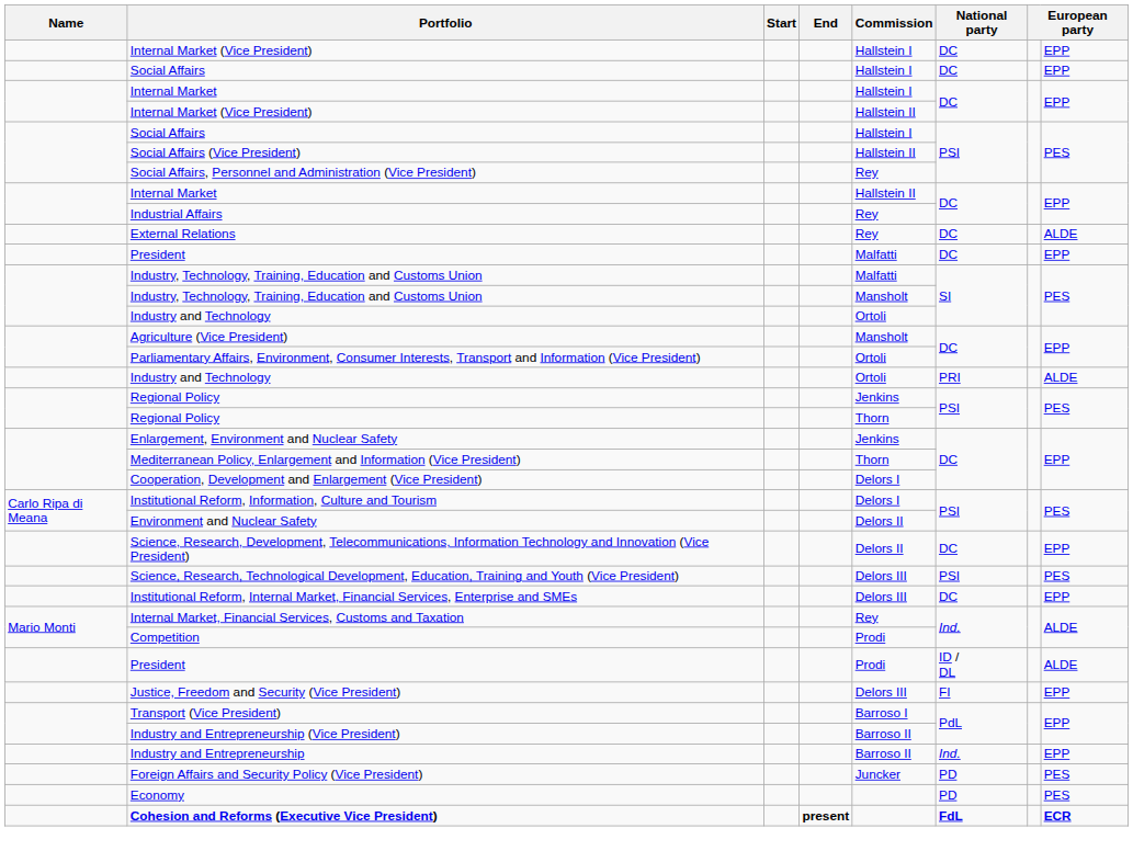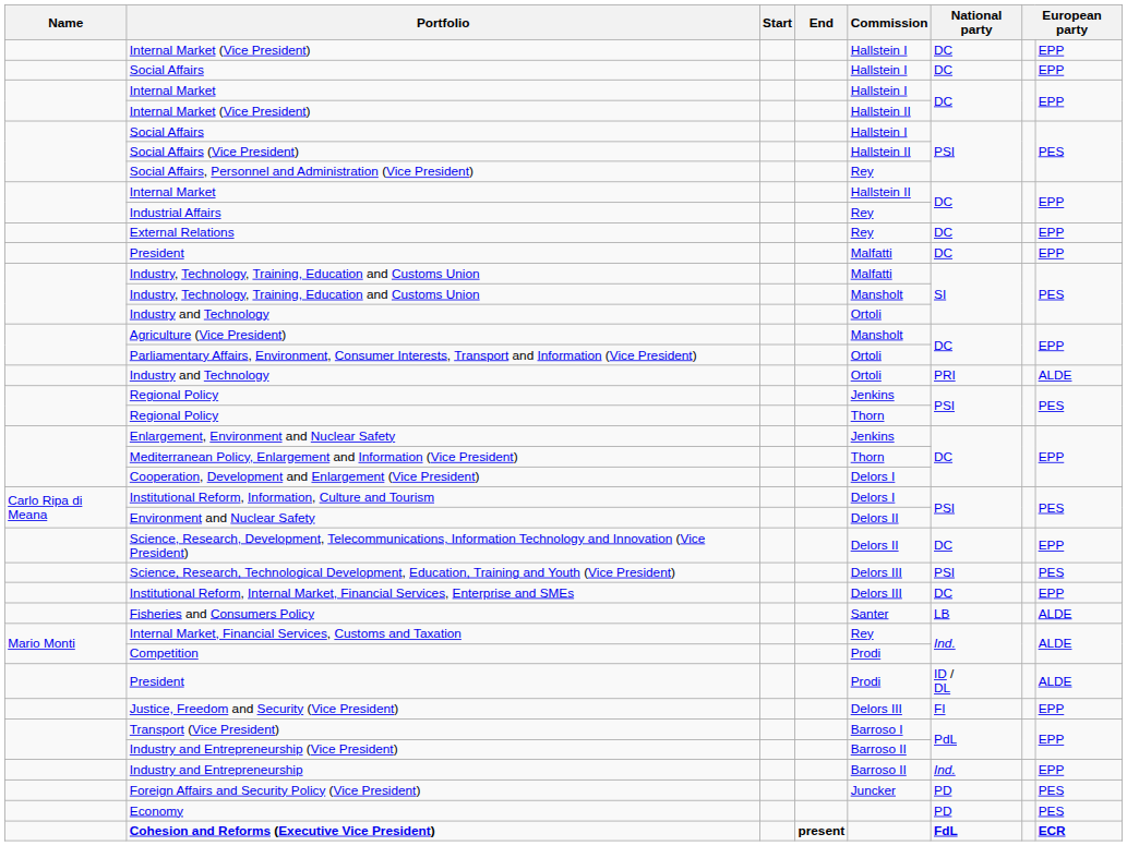 <table class="wikitable sortable" style="font-size: 90%;">
 <tr>
 <th>Name</th>
 <th>Portfolio</th>
 <th>Start</th>
 <th>End</th>
 <th>Commission</th>
 <th>National party</th>
 <th colspan=2>European party</th>
 </tr>
 <tr>
 <td></td>
 <td><a href='#'>Internal Market</a> (<a href='#'>Vice President</a>)</td>
 <td></td>
 <td></td>
 <td><a href='#'>Hallstein I</a></td>
 <td><a href='#'>DC</a></td>
 <td style="background:"></td>
 <td><a href='#'>EPP</a></td>
 </tr>
 <tr>
 <td></td>
 <td><a href='#'>Social Affairs</a></td>
 <td></td>
 <td></td>
 <td><a href='#'>Hallstein I</a></td>
 <td><a href='#'>DC</a></td>
 <td style="background:"></td>
 <td><a href='#'>EPP</a></td>
 </tr>
 <tr>
 <td rowspan=2></td>
 <td><a href='#'>Internal Market</a></td>
 <td></td>
 <td></td>
 <td><a href='#'>Hallstein I</a></td>
 <td rowspan=2><a href='#'>DC</a></td>
 <td rowspan=2 style="background:"></td>
 <td rowspan=2><a href='#'>EPP</a></td>
 </tr>
 <tr>
 <td><a href='#'>Internal Market</a> (<a href='#'>Vice President</a>)</td>
 <td></td>
 <td></td>
 <td><a href='#'>Hallstein II</a></td>
 </tr>
 <tr>
 <td rowspan=3></td>
 <td><a href='#'>Social Affairs</a></td>
 <td></td>
 <td></td>
 <td><a href='#'>Hallstein I</a></td>
 <td rowspan=3><a href='#'>PSI</a></td>
 <td rowspan=3 style="background:"></td>
 <td rowspan=3><a href='#'>PES</a></td>
 </tr>
 <tr>
 <td><a href='#'>Social Affairs</a> (<a href='#'>Vice President</a>)</td>
 <td></td>
 <td></td>
 <td><a href='#'>Hallstein II</a></td>
 </tr>
 <tr>
 <td><a href='#'>Social Affairs</a>, <a href='#'>Personnel and Administration</a> (<a href='#'>Vice President</a>)</td>
 <td></td>
 <td></td>
 <td><a href='#'>Rey</a></td>
 </tr>
 <tr>
 <td rowspan=2></td>
 <td><a href='#'>Internal Market</a></td>
 <td></td>
 <td></td>
 <td><a href='#'>Hallstein II</a></td>
 <td rowspan=2><a href='#'>DC</a></td>
 <td rowspan=2 style="background:"></td>
 <td rowspan=2><a href='#'>EPP</a></td>
 </tr>
 <tr>
 <td><a href='#'>Industrial Affairs</a></td>
 <td></td>
 <td></td>
 <td><a href='#'>Rey</a></td>
 </tr>
 <tr>
 <td></td>
 <td><a href='#'>External Relations</a></td>
 <td></td>
 <td></td>
 <td><a href='#'>Rey</a></td>
 <td><a href='#'>DC</a></td>
 <td style="background:"></td>
-<td><a href='#'>ALDE</a></td>
+<td><a href='#'>EPP</a></td>
 </tr>
 <tr>
 <td></td>
 <td><a href='#'>President</a></td>
 <td></td>
 <td></td>
 <td><a href='#'>Malfatti</a></td>
 <td><a href='#'>DC</a></td>
 <td style="background:"></td>
 <td><a href='#'>EPP</a></td>
 </tr>
 <tr>
 <td rowspan=3></td>
 <td><a href='#'>Industry</a>, <a href='#'>Technology</a>, <a href='#'>Training, Education</a> and <a href='#'>Customs Union</a></td>
 <td></td>
 <td></td>
 <td><a href='#'>Malfatti</a></td>
 <td rowspan=3><a href='#'>SI</a></td>
 <td rowspan=3 style="background:"></td>
 <td rowspan=3><a href='#'>PES</a></td>
 </tr>
 <tr>
 <td><a href='#'>Industry</a>, <a href='#'>Technology</a>, <a href='#'>Training, Education</a> and <a href='#'>Customs Union</a></td>
 <td></td>
 <td></td>
 <td><a href='#'>Mansholt</a></td>
 </tr>
 <tr>
 <td><a href='#'>Industry</a> and <a href='#'>Technology</a></td>
 <td></td>
 <td></td>
 <td><a href='#'>Ortoli</a></td>
 </tr>
 <tr>
 <td rowspan=2></td>
 <td><a href='#'>Agriculture</a> (<a href='#'>Vice President</a>)</td>
 <td></td>
 <td></td>
 <td><a href='#'>Mansholt</a></td>
 <td rowspan=2><a href='#'>DC</a></td>
 <td rowspan=2 style="background:"></td>
 <td rowspan=2><a href='#'>EPP</a></td>
 </tr>
 <tr>
 <td><a href='#'>Parliamentary Affairs</a>, <a href='#'>Environment</a>, <a href='#'>Consumer Interests</a>, <a href='#'>Transport</a> and <a href='#'>Information</a> (<a href='#'>Vice President</a>)</td>
 <td></td>
 <td></td>
 <td><a href='#'>Ortoli</a></td>
 </tr>
 <tr>
 <td></td>
 <td><a href='#'>Industry</a> and <a href='#'>Technology</a></td>
 <td></td>
 <td></td>
 <td><a href='#'>Ortoli</a></td>
 <td><a href='#'>PRI</a></td>
 <td style="background:"></td>
 <td><a href='#'>ALDE</a></td>
 </tr>
 <tr>
 <td rowspan=2></td>
 <td><a href='#'>Regional Policy</a></td>
 <td></td>
 <td></td>
 <td><a href='#'>Jenkins</a></td>
 <td rowspan=2><a href='#'>PSI</a></td>
 <td rowspan=2 style="background:"></td>
 <td rowspan=2><a href='#'>PES</a></td>
 </tr>
 <tr>
 <td><a href='#'>Regional Policy</a></td>
 <td></td>
 <td></td>
 <td><a href='#'>Thorn</a></td>
 </tr>
 <tr>
 <td rowspan=3></td>
 <td><a href='#'>Enlargement</a>, <a href='#'>Environment</a> and <a href='#'>Nuclear Safety</a></td>
 <td></td>
 <td></td>
 <td><a href='#'>Jenkins</a></td>
 <td rowspan=3><a href='#'>DC</a></td>
 <td rowspan=3 style="background:"></td>
 <td rowspan=3><a href='#'>EPP</a></td>
 </tr>
 <tr>
 <td><a href='#'>Mediterranean Policy, Enlargement</a> and <a href='#'>Information</a> (<a href='#'>Vice President</a>)</td>
 <td></td>
 <td></td>
 <td><a href='#'>Thorn</a></td>
 </tr>
 <tr>
 <td><a href='#'>Cooperation</a>, <a href='#'>Development</a> and <a href='#'>Enlargement</a> (<a href='#'>Vice President</a>)</td>
 <td></td>
 <td></td>
 <td><a href='#'>Delors I</a></td>
 </tr>
 <tr>
 <td rowspan=2><a href='#'>Carlo Ripa di Meana</a></td>
 <td><a href='#'>Institutional Reform</a>, <a href='#'>Information</a>, <a href='#'>Culture and Tourism</a></td>
 <td></td>
 <td></td>
 <td><a href='#'>Delors I</a></td>
 <td rowspan=2><a href='#'>PSI</a></td>
 <td rowspan=2 style="background:"></td>
 <td rowspan=2><a href='#'>PES</a></td>
 </tr>
 <tr>
 <td><a href='#'>Environment</a> and <a href='#'>Nuclear Safety</a></td>
 <td></td>
 <td></td>
 <td><a href='#'>Delors II</a></td>
 </tr>
 <tr>
 <td></td>
 <td><a href='#'>Science, Research, Development</a>, <a href='#'>Telecommunications, Information Technology and Innovation</a> (<a href='#'>Vice President</a>)</td>
 <td></td>
 <td></td>
 <td><a href='#'>Delors II</a></td>
 <td><a href='#'>DC</a></td>
 <td style="background:"></td>
 <td><a href='#'>EPP</a></td>
 </tr>
 <tr>
 <td></td>
 <td><a href='#'>Science, Research, Technological Development</a>, <a href='#'>Education, Training and Youth</a> (<a href='#'>Vice President</a>)</td>
 <td></td>
 <td></td>
 <td><a href='#'>Delors III</a></td>
 <td><a href='#'>PSI</a></td>
 <td style="background:"></td>
 <td><a href='#'>PES</a></td>
 </tr>
 <tr>
 <td></td>
 <td><a href='#'>Institutional Reform</a>, <a href='#'>Internal Market, Financial Services</a>, <a href='#'>Enterprise and SMEs</a></td>
 <td></td>
 <td></td>
 <td><a href='#'>Delors III</a></td>
 <td><a href='#'>DC</a></td>
 <td style="background:"></td>
 <td><a href='#'>EPP</a></td>
 </tr>
 <tr>
+<td></td>
+<td><a href='#'>Fisheries</a> and <a href='#'>Consumers Policy</a></td>
+<td></td>
+<td></td>
+<td><a href='#'>Santer</a></td>
+<td><a href='#'>LB</a></td>
+<td style="background:"></td>
+<td><a href='#'>ALDE</a></td>
+</tr>
+<tr>
 <td rowspan=2><a href='#'>Mario Monti</a></td>
 <td><a href='#'>Internal Market, Financial Services</a>, <a href='#'>Customs and Taxation</a></td>
 <td></td>
 <td></td>
 <td><a href='#'>Rey</a></td>
 <td rowspan=2><em><a href='#'>Ind.</a></em></td>
 <td rowspan=2 style="background:"></td>
 <td rowspan=2><a href='#'>ALDE</a></td>
 </tr>
 <tr>
 <td><a href='#'>Competition</a></td>
 <td></td>
 <td></td>
 <td><a href='#'>Prodi</a></td>
 </tr>
 <tr>
 <td></td>
 <td><a href='#'>President</a></td>
 <td></td>
 <td></td>
 <td><a href='#'>Prodi</a></td>
 <td><a href='#'>ID</a> /<br><a href='#'>DL</a></td>
 <td style="background:"></td>
 <td><a href='#'>ALDE</a></td>
 </tr>
 <tr>
 <td></td>
 <td><a href='#'>Justice, Freedom</a> and <a href='#'>Security</a> (<a href='#'>Vice President</a>)</td>
 <td></td>
 <td></td>
 <td><a href='#'>Delors III</a></td>
 <td><a href='#'>FI</a></td>
 <td style="background:"></td>
 <td><a href='#'>EPP</a></td>
 </tr>
 <tr>
 <td rowspan=2></td>
 <td><a href='#'>Transport</a> (<a href='#'>Vice President</a>)</td>
 <td></td>
 <td></td>
 <td><a href='#'>Barroso I</a></td>
 <td rowspan=2><a href='#'>PdL</a></td>
 <td rowspan=2 style="background:"></td>
 <td rowspan=2><a href='#'>EPP</a></td>
 </tr>
 <tr>
 <td><a href='#'>Industry and Entrepreneurship</a> (<a href='#'>Vice President</a>)</td>
 <td></td>
 <td></td>
 <td><a href='#'>Barroso II</a></td>
 </tr>
 <tr>
 <td></td>
 <td><a href='#'>Industry and Entrepreneurship</a></td>
 <td></td>
 <td></td>
 <td><a href='#'>Barroso II</a></td>
 <td><em><a href='#'>Ind.</a></em></td>
 <td style="background:"></td>
 <td><a href='#'>EPP</a></td>
 </tr>
 <tr>
 <td></td>
 <td><a href='#'>Foreign Affairs and Security Policy</a> (<a href='#'>Vice President</a>)</td>
 <td></td>
 <td></td>
 <td><a href='#'>Juncker</a></td>
 <td><a href='#'>PD</a></td>
 <td style="background:"></td>
 <td><a href='#'>PES</a></td>
 </tr>
 <tr>
 <td></td>
 <td><a href='#'>Economy</a></td>
 <td></td>
 <td></td>
 <td></td>
 <td><a href='#'>PD</a></td>
 <td style="background:"></td>
 <td><a href='#'>PES</a></td>
 </tr>
 <tr>
 <td><strong></strong></td>
 <td><strong><a href='#'>Cohesion and Reforms</a> (<a href='#'>Executive Vice President</a>)</strong></td>
 <td><strong></strong></td>
 <td><strong>present</strong></td>
 <td><strong></strong></td>
 <td><strong><a href='#'>FdL</a></strong></td>
 <td style="background:"></td>
 <td><strong><a href='#'>ECR</a></strong></td>
 </tr>
 </table>
